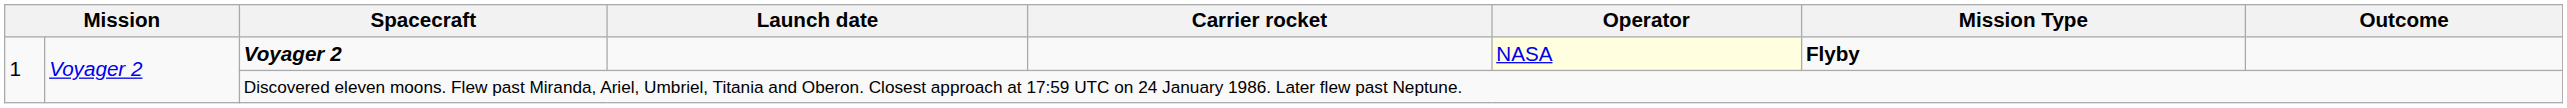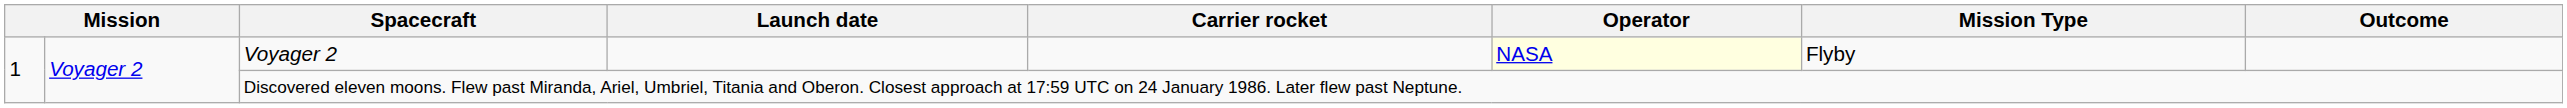 <table class="wikitable sortable" style="width:100%">
 <tr>
 <th colspan="2">Mission</th>
 <th>Spacecraft</th>
 <th>Launch date</th>
 <th>Carrier rocket</th>
 <th>Operator</th>
 <th>Mission Type</th>
 <th>Outcome</th>
 </tr>
 <tr>
 <td rowspan="2">1</td>
 <td rowspan="2"><em><a href='#'>Voyager 2</a></em></td>
-<td><strong><em>Voyager 2</em></strong></td>
+<td><em>Voyager 2</em></td>
 <td></td>
 <td></td>
 <td style="background: lightyellow;"> <a href='#'>NASA</a></td>
-<td><strong>Flyby</strong></td>
+<td>Flyby</td>
 <td></td>
 </tr>
 <tr>
 <td colspan="6"><small>Discovered eleven moons. Flew past Miranda, Ariel, Umbriel, Titania and Oberon. Closest approach at 17:59 UTC on 24 January 1986. Later flew past Neptune.</small></td>
 </tr>
 </table>
